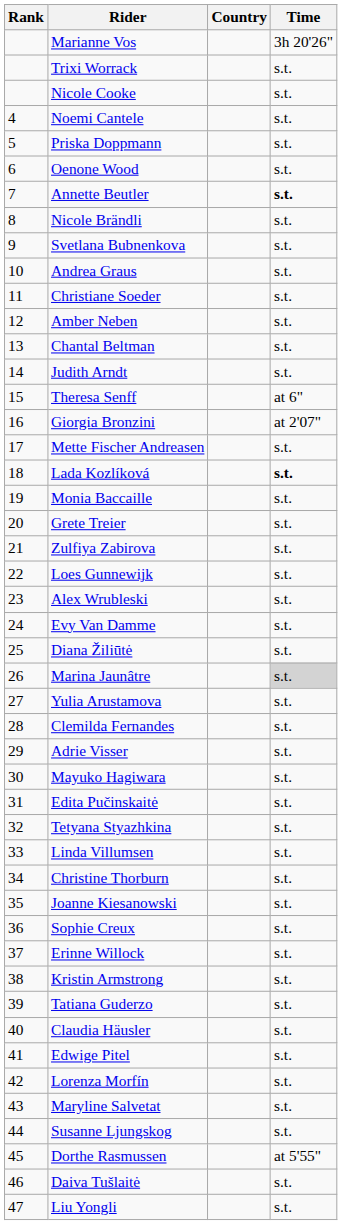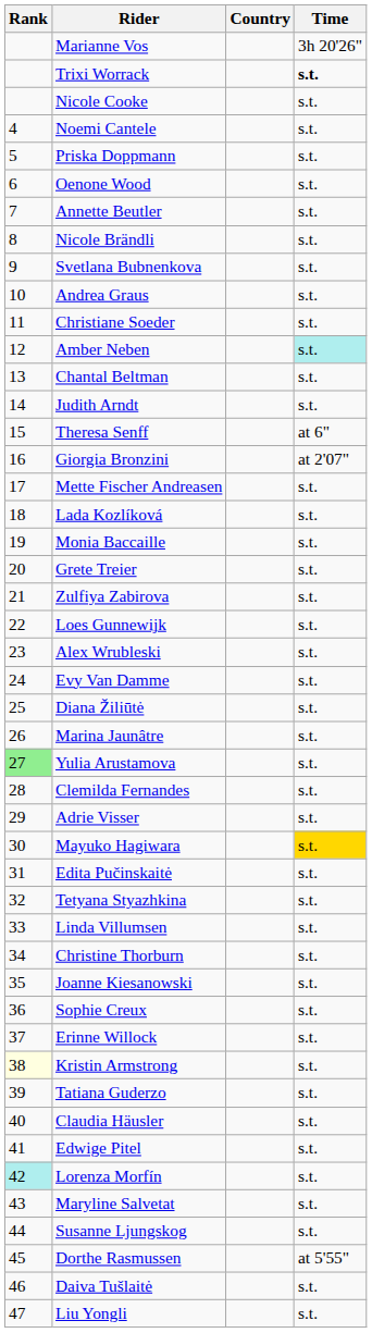 <table class="wikitable" style="font-size:95%; text-align:left;">
 <tr>
 <th>Rank</th>
 <th>Rider</th>
 <th>Country</th>
 <th>Time</th>
 </tr>
 <tr>
 <td></td>
 <td><a href='#'>Marianne Vos</a></td>
 <td></td>
 <td>3h 20'26"</td>
 </tr>
 <tr>
 <td></td>
 <td><a href='#'>Trixi Worrack</a></td>
 <td></td>
-<td>s.t.</td>
+<td><strong>s.t.</strong></td>
 </tr>
 <tr>
 <td></td>
 <td><a href='#'>Nicole Cooke</a></td>
 <td></td>
 <td>s.t.</td>
 </tr>
 <tr>
 <td>4</td>
 <td><a href='#'>Noemi Cantele</a></td>
 <td></td>
 <td>s.t.</td>
 </tr>
 <tr>
 <td>5</td>
 <td><a href='#'>Priska Doppmann</a></td>
 <td></td>
 <td>s.t.</td>
 </tr>
 <tr>
 <td>6</td>
 <td><a href='#'>Oenone Wood</a></td>
 <td></td>
 <td>s.t.</td>
 </tr>
 <tr>
 <td>7</td>
 <td><a href='#'>Annette Beutler</a></td>
 <td></td>
-<td><strong>s.t.</strong></td>
+<td>s.t.</td>
 </tr>
 <tr>
 <td>8</td>
 <td><a href='#'>Nicole Brändli</a></td>
 <td></td>
 <td>s.t.</td>
 </tr>
 <tr>
 <td>9</td>
 <td><a href='#'>Svetlana Bubnenkova</a></td>
 <td></td>
 <td>s.t.</td>
 </tr>
 <tr>
 <td>10</td>
 <td><a href='#'>Andrea Graus</a></td>
 <td></td>
 <td>s.t.</td>
 </tr>
 <tr>
 <td>11</td>
 <td><a href='#'>Christiane Soeder</a></td>
 <td></td>
 <td>s.t.</td>
 </tr>
 <tr>
 <td>12</td>
 <td><a href='#'>Amber Neben</a></td>
 <td></td>
-<td>s.t.</td>
+<td style="background: paleturquoise;">s.t.</td>
 </tr>
 <tr>
 <td>13</td>
 <td><a href='#'>Chantal Beltman</a></td>
 <td></td>
 <td>s.t.</td>
 </tr>
 <tr>
 <td>14</td>
 <td><a href='#'>Judith Arndt</a></td>
 <td></td>
 <td>s.t.</td>
 </tr>
 <tr>
 <td>15</td>
 <td><a href='#'>Theresa Senff</a></td>
 <td></td>
 <td>at 6"</td>
 </tr>
 <tr>
 <td>16</td>
 <td><a href='#'>Giorgia Bronzini</a></td>
 <td></td>
 <td>at 2'07"</td>
 </tr>
 <tr>
 <td>17</td>
 <td><a href='#'>Mette Fischer Andreasen</a></td>
 <td></td>
 <td>s.t.</td>
 </tr>
 <tr>
 <td>18</td>
 <td><a href='#'>Lada Kozlíková</a></td>
 <td></td>
-<td><strong>s.t.</strong></td>
+<td>s.t.</td>
 </tr>
 <tr>
 <td>19</td>
 <td><a href='#'>Monia Baccaille</a></td>
 <td></td>
 <td>s.t.</td>
 </tr>
 <tr>
 <td>20</td>
 <td><a href='#'>Grete Treier</a></td>
 <td></td>
 <td>s.t.</td>
 </tr>
 <tr>
 <td>21</td>
 <td><a href='#'>Zulfiya Zabirova</a></td>
 <td></td>
 <td>s.t.</td>
 </tr>
 <tr>
 <td>22</td>
 <td><a href='#'>Loes Gunnewijk</a></td>
 <td></td>
 <td>s.t.</td>
 </tr>
 <tr>
 <td>23</td>
 <td><a href='#'>Alex Wrubleski</a></td>
 <td></td>
 <td>s.t.</td>
 </tr>
 <tr>
 <td>24</td>
 <td><a href='#'>Evy Van Damme</a></td>
 <td></td>
 <td>s.t.</td>
 </tr>
 <tr>
 <td>25</td>
 <td><a href='#'>Diana Žiliūtė</a></td>
 <td></td>
 <td>s.t.</td>
 </tr>
 <tr>
 <td>26</td>
 <td><a href='#'>Marina Jaunâtre</a></td>
 <td></td>
-<td style="background: lightgrey;">s.t.</td>
+<td>s.t.</td>
 </tr>
 <tr>
-<td>27</td>
+<td style="background: lightgreen;">27</td>
 <td><a href='#'>Yulia Arustamova</a></td>
 <td></td>
 <td>s.t.</td>
 </tr>
 <tr>
 <td>28</td>
 <td><a href='#'>Clemilda Fernandes</a></td>
 <td></td>
 <td>s.t.</td>
 </tr>
 <tr>
 <td>29</td>
 <td><a href='#'>Adrie Visser</a></td>
 <td></td>
 <td>s.t.</td>
 </tr>
 <tr>
 <td>30</td>
 <td><a href='#'>Mayuko Hagiwara</a></td>
 <td></td>
-<td>s.t.</td>
+<td style="background: gold;">s.t.</td>
 </tr>
 <tr>
 <td>31</td>
 <td><a href='#'>Edita Pučinskaitė</a></td>
 <td></td>
 <td>s.t.</td>
 </tr>
 <tr>
 <td>32</td>
 <td><a href='#'>Tetyana Styazhkina</a></td>
 <td></td>
 <td>s.t.</td>
 </tr>
 <tr>
 <td>33</td>
 <td><a href='#'>Linda Villumsen</a></td>
 <td></td>
 <td>s.t.</td>
 </tr>
 <tr>
 <td>34</td>
 <td><a href='#'>Christine Thorburn</a></td>
 <td></td>
 <td>s.t.</td>
 </tr>
 <tr>
 <td>35</td>
 <td><a href='#'>Joanne Kiesanowski</a></td>
 <td></td>
 <td>s.t.</td>
 </tr>
 <tr>
 <td>36</td>
 <td><a href='#'>Sophie Creux</a></td>
 <td></td>
 <td>s.t.</td>
 </tr>
 <tr>
 <td>37</td>
 <td><a href='#'>Erinne Willock</a></td>
 <td></td>
 <td>s.t.</td>
 </tr>
 <tr>
-<td>38</td>
+<td style="background: lightyellow;">38</td>
 <td><a href='#'>Kristin Armstrong</a></td>
 <td></td>
 <td>s.t.</td>
 </tr>
 <tr>
 <td>39</td>
 <td><a href='#'>Tatiana Guderzo</a></td>
 <td></td>
 <td>s.t.</td>
 </tr>
 <tr>
 <td>40</td>
 <td><a href='#'>Claudia Häusler</a></td>
 <td></td>
 <td>s.t.</td>
 </tr>
 <tr>
 <td>41</td>
 <td><a href='#'>Edwige Pitel</a></td>
 <td></td>
 <td>s.t.</td>
 </tr>
 <tr>
-<td>42</td>
+<td style="background: paleturquoise;">42</td>
 <td><a href='#'>Lorenza Morfín</a></td>
 <td></td>
 <td>s.t.</td>
 </tr>
 <tr>
 <td>43</td>
 <td><a href='#'>Maryline Salvetat</a></td>
 <td></td>
 <td>s.t.</td>
 </tr>
 <tr>
 <td>44</td>
 <td><a href='#'>Susanne Ljungskog</a></td>
 <td></td>
 <td>s.t.</td>
 </tr>
 <tr>
 <td>45</td>
 <td><a href='#'>Dorthe Rasmussen</a></td>
 <td></td>
 <td>at 5'55"</td>
 </tr>
 <tr>
 <td>46</td>
 <td><a href='#'>Daiva Tušlaitė</a></td>
 <td></td>
 <td>s.t.</td>
 </tr>
 <tr>
 <td>47</td>
 <td><a href='#'>Liu Yongli</a></td>
 <td></td>
 <td>s.t.</td>
 </tr>
 </table>
